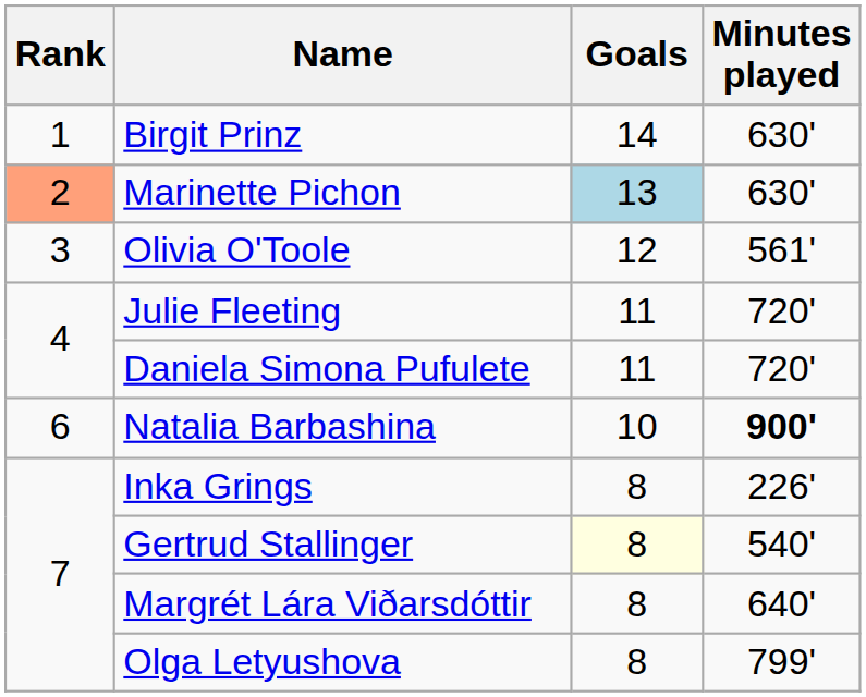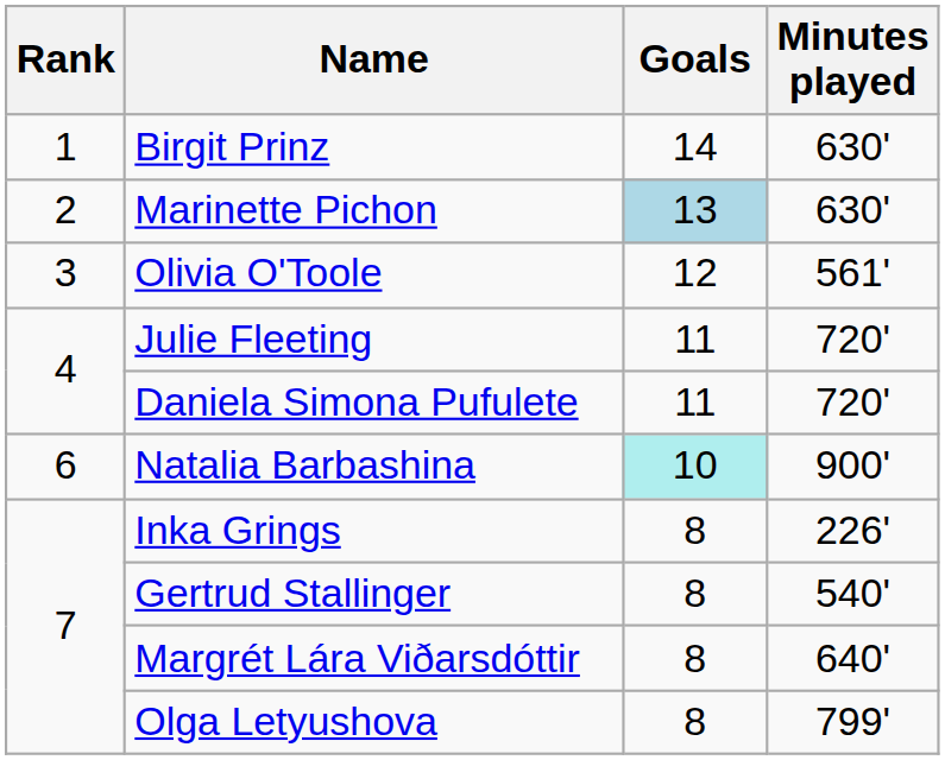 <table class="wikitable" style="text-align:center;">
 <tr>
 <th width=40>Rank</th>
 <th width=190>Name</th>
 <th width=50>Goals</th>
 <th width=50>Minutes played</th>
 </tr>
 <tr>
 <td>1</td>
 <td align="left"> <a href='#'>Birgit Prinz</a></td>
 <td>14</td>
 <td>630'</td>
 </tr>
 <tr>
-<td style="background: lightsalmon;">2</td>
+<td>2</td>
 <td align="left"> <a href='#'>Marinette Pichon</a></td>
 <td style="background: lightblue;">13</td>
 <td>630'</td>
 </tr>
 <tr>
 <td>3</td>
 <td align="left"> <a href='#'>Olivia O'Toole</a></td>
 <td>12</td>
 <td>561'</td>
 </tr>
 <tr>
 <td rowspan=2>4</td>
 <td align="left"> <a href='#'>Julie Fleeting</a></td>
 <td>11</td>
 <td>720'</td>
 </tr>
 <tr>
 <td align="left"> <a href='#'>Daniela Simona Pufulete</a></td>
 <td>11</td>
 <td>720'</td>
 </tr>
 <tr>
 <td>6</td>
 <td align="left"> <a href='#'>Natalia Barbashina</a></td>
-<td>10</td>
-<td><strong>900'</strong></td>
+<td style="background: paleturquoise;">10</td>
+<td>900'</td>
 </tr>
 <tr>
 <td rowspan=4>7</td>
 <td align="left"> <a href='#'>Inka Grings</a></td>
 <td>8</td>
 <td>226'</td>
 </tr>
 <tr>
 <td align="left"> <a href='#'>Gertrud Stallinger</a></td>
-<td style="background: lightyellow;">8</td>
+<td>8</td>
 <td>540'</td>
 </tr>
 <tr>
 <td align="left"> <a href='#'>Margrét Lára Viðarsdóttir</a></td>
 <td>8</td>
 <td>640'</td>
 </tr>
 <tr>
 <td align="left"> <a href='#'>Olga Letyushova</a></td>
 <td>8</td>
 <td>799'</td>
 </tr>
 </table>
